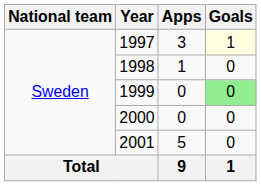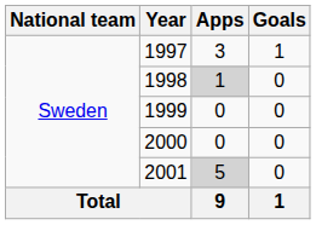 <table class="wikitable" style="text-align:center">
 <tr>
 <th>National team</th>
 <th>Year</th>
 <th>Apps</th>
 <th>Goals</th>
 </tr>
 <tr>
 <td rowspan="5"><a href='#'>Sweden</a></td>
 <td>1997</td>
 <td>3</td>
-<td style="background: lightyellow;">1</td>
+<td>1</td>
 </tr>
 <tr>
 <td>1998</td>
-<td>1</td>
+<td style="background: lightgrey;">1</td>
 <td>0</td>
 </tr>
 <tr>
 <td>1999</td>
 <td>0</td>
-<td style="background: lightgreen;">0</td>
+<td>0</td>
 </tr>
 <tr>
 <td>2000</td>
 <td>0</td>
 <td>0</td>
 </tr>
 <tr>
 <td>2001</td>
-<td>5</td>
+<td style="background: lightgrey;">5</td>
 <td>0</td>
 </tr>
 <tr>
 <th colspan="2">Total</th>
 <th>9</th>
 <th>1</th>
 </tr>
 </table>
